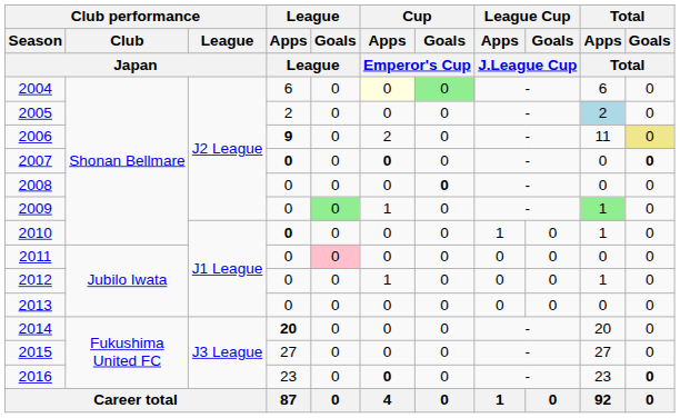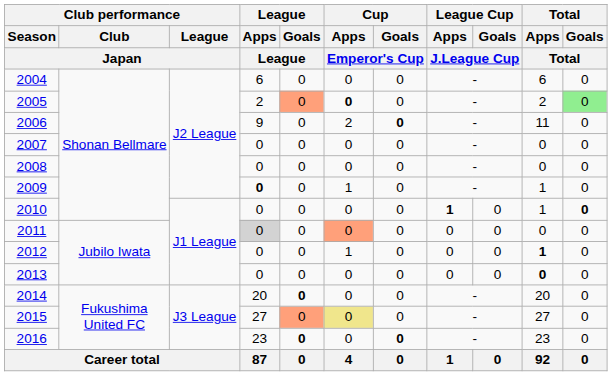 <table class="wikitable" style="text-align:center">
 <tr>
 <th colspan=3>Club performance</th>
 <th colspan=2>League</th>
 <th colspan=2>Cup</th>
 <th colspan=2>League Cup</th>
 <th colspan=2>Total</th>
 </tr>
 <tr>
 <th>Season</th>
 <th>Club</th>
 <th>League</th>
 <th>Apps</th>
 <th>Goals</th>
 <th>Apps</th>
 <th>Goals</th>
 <th>Apps</th>
 <th>Goals</th>
 <th>Apps</th>
 <th>Goals</th>
 </tr>
 <tr>
 <th colspan=3>Japan</th>
 <th colspan=2>League</th>
 <th colspan=2><a href='#'>Emperor's Cup</a></th>
 <th colspan=2><a href='#'>J.League Cup</a></th>
 <th colspan=2>Total</th>
 </tr>
 <tr>
 <td><a href='#'>2004</a></td>
 <td rowspan="7"><a href='#'>Shonan Bellmare</a></td>
 <td rowspan="6"><a href='#'>J2 League</a></td>
 <td>6</td>
 <td>0</td>
-<td style="background: lightyellow;">0</td>
-<td style="background: lightgreen;">0</td>
+<td>0</td>
+<td>0</td>
 <td colspan="2">-</td>
 <td>6</td>
 <td>0</td>
 </tr>
 <tr>
 <td><a href='#'>2005</a></td>
 <td>2</td>
+<td style="background: lightsalmon;">0</td>
+<td><strong>0</strong></td>
+<td>0</td>
+<td colspan="2">-</td>
+<td>2</td>
+<td style="background: lightgreen;">0</td>
+</tr>
+<tr>
+<td><a href='#'>2006</a></td>
+<td>9</td>
+<td>0</td>
+<td>2</td>
+<td><strong>0</strong></td>
+<td colspan="2">-</td>
+<td>11</td>
+<td>0</td>
+</tr>
+<tr>
+<td><a href='#'>2007</a></td>
+<td>0</td>
 <td>0</td>
 <td>0</td>
 <td>0</td>
 <td colspan="2">-</td>
-<td style="background: lightblue;">2</td>
 <td>0</td>
-</tr>
-<tr>
-<td><a href='#'>2006</a></td>
-<td><strong>9</strong></td>
 <td>0</td>
-<td>2</td>
-<td>0</td>
-<td colspan="2">-</td>
-<td>11</td>
-<td style="background: khaki;">0</td>
-</tr>
-<tr>
-<td><a href='#'>2007</a></td>
-<td><strong>0</strong></td>
-<td>0</td>
-<td><strong>0</strong></td>
-<td>0</td>
-<td colspan="2">-</td>
-<td>0</td>
-<td><strong>0</strong></td>
 </tr>
 <tr>
 <td><a href='#'>2008</a></td>
 <td>0</td>
 <td>0</td>
 <td>0</td>
-<td><strong>0</strong></td>
+<td>0</td>
 <td colspan="2">-</td>
 <td>0</td>
 <td>0</td>
 </tr>
 <tr>
 <td><a href='#'>2009</a></td>
+<td><strong>0</strong></td>
 <td>0</td>
-<td style="background: lightgreen;">0</td>
 <td>1</td>
 <td>0</td>
 <td colspan="2">-</td>
-<td style="background: lightgreen;">1</td>
+<td>1</td>
 <td>0</td>
 </tr>
 <tr>
 <td><a href='#'>2010</a></td>
 <td rowspan="4"><a href='#'>J1 League</a></td>
-<td><strong>0</strong></td>
 <td>0</td>
 <td>0</td>
 <td>0</td>
-<td>1</td>
+<td>0</td>
+<td><strong>1</strong></td>
 <td>0</td>
 <td>1</td>
-<td>0</td>
+<td><strong>0</strong></td>
 </tr>
 <tr>
 <td><a href='#'>2011</a></td>
 <td rowspan="3"><a href='#'>Jubilo Iwata</a></td>
+<td style="background: lightgrey;">0</td>
 <td>0</td>
-<td style="background: pink;">0</td>
-<td>0</td>
+<td style="background: lightsalmon;">0</td>
 <td>0</td>
 <td>0</td>
 <td>0</td>
 <td>0</td>
 <td>0</td>
 </tr>
 <tr>
 <td><a href='#'>2012</a></td>
 <td>0</td>
 <td>0</td>
 <td>1</td>
 <td>0</td>
 <td>0</td>
 <td>0</td>
-<td>1</td>
+<td><strong>1</strong></td>
 <td>0</td>
 </tr>
 <tr>
 <td><a href='#'>2013</a></td>
 <td>0</td>
 <td>0</td>
 <td>0</td>
 <td>0</td>
 <td>0</td>
 <td>0</td>
-<td>0</td>
+<td><strong>0</strong></td>
 <td>0</td>
 </tr>
 <tr>
 <td><a href='#'>2014</a></td>
 <td rowspan="3"><a href='#'>Fukushima<br>United FC</a></td>
 <td rowspan="3"><a href='#'>J3 League</a></td>
-<td><strong>20</strong></td>
-<td>0</td>
+<td>20</td>
+<td><strong>0</strong></td>
 <td>0</td>
 <td>0</td>
 <td colspan="2">-</td>
 <td>20</td>
 <td>0</td>
 </tr>
 <tr>
 <td><a href='#'>2015</a></td>
 <td>27</td>
-<td>0</td>
-<td>0</td>
+<td style="background: lightsalmon;">0</td>
+<td style="background: khaki;">0</td>
 <td>0</td>
 <td colspan="2">-</td>
 <td>27</td>
 <td>0</td>
 </tr>
 <tr>
 <td><a href='#'>2016</a></td>
 <td>23</td>
+<td><strong>0</strong></td>
 <td>0</td>
 <td><strong>0</strong></td>
-<td>0</td>
 <td colspan="2">-</td>
 <td>23</td>
-<td><strong>0</strong></td>
+<td>0</td>
 </tr>
 <tr>
 <th colspan=3>Career total</th>
 <th>87</th>
 <th>0</th>
 <th>4</th>
 <th>0</th>
 <th>1</th>
 <th>0</th>
 <th>92</th>
 <th>0</th>
 </tr>
 </table>
